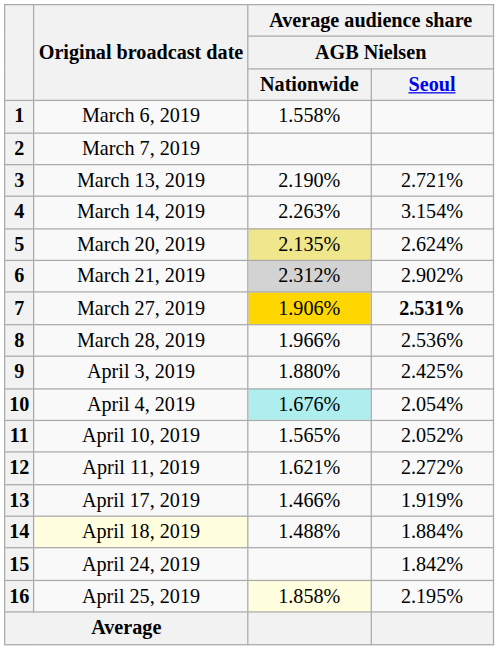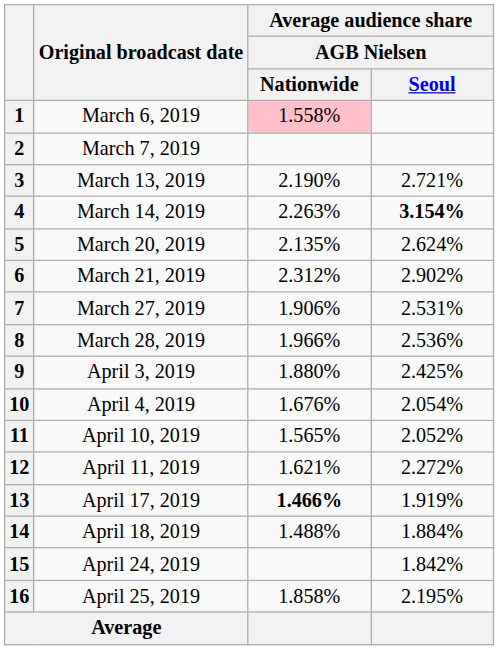 <table class="wikitable" style="text-align:center">
 <tr>
 <th rowspan="3"></th>
 <th rowspan="3">Original broadcast date</th>
 <th colspan="2">Average audience share</th>
 </tr>
 <tr>
 <th colspan="2">AGB Nielsen</th>
 </tr>
 <tr>
 <th width="90">Nationwide</th>
 <th width="90"><a href='#'>Seoul</a></th>
 </tr>
 <tr>
 <th>1</th>
 <td>March 6, 2019</td>
-<td>1.558%</td>
+<td style="background: pink;">1.558%</td>
 <td></td>
 </tr>
 <tr>
 <th>2</th>
 <td>March 7, 2019</td>
 <td></td>
 <td></td>
 </tr>
 <tr>
 <th>3</th>
 <td>March 13, 2019</td>
 <td>2.190%</td>
 <td>2.721%</td>
 </tr>
 <tr>
 <th>4</th>
 <td>March 14, 2019</td>
 <td>2.263%</td>
-<td>3.154%</td>
+<td><strong>3.154%</strong></td>
 </tr>
 <tr>
 <th>5</th>
 <td>March 20, 2019</td>
-<td style="background: khaki;">2.135%</td>
+<td>2.135%</td>
 <td>2.624%</td>
 </tr>
 <tr>
 <th>6</th>
 <td>March 21, 2019</td>
-<td style="background: lightgrey;">2.312%</td>
+<td>2.312%</td>
 <td>2.902%</td>
 </tr>
 <tr>
 <th>7</th>
 <td>March 27, 2019</td>
-<td style="background: gold;">1.906%</td>
-<td><strong>2.531%</strong></td>
+<td>1.906%</td>
+<td>2.531%</td>
 </tr>
 <tr>
 <th>8</th>
 <td>March 28, 2019</td>
 <td>1.966%</td>
 <td>2.536%</td>
 </tr>
 <tr>
 <th>9</th>
 <td>April 3, 2019</td>
 <td>1.880%</td>
 <td>2.425%</td>
 </tr>
 <tr>
 <th>10</th>
 <td>April 4, 2019</td>
-<td style="background: paleturquoise;">1.676%</td>
+<td>1.676%</td>
 <td>2.054%</td>
 </tr>
 <tr>
 <th>11</th>
 <td>April 10, 2019</td>
 <td>1.565%</td>
 <td>2.052%</td>
 </tr>
 <tr>
 <th>12</th>
 <td>April 11, 2019</td>
 <td>1.621%</td>
 <td>2.272%</td>
 </tr>
 <tr>
 <th>13</th>
 <td>April 17, 2019</td>
-<td>1.466%</td>
+<td><strong>1.466%</strong></td>
 <td>1.919%</td>
 </tr>
 <tr>
 <th>14</th>
-<td style="background: lightyellow;">April 18, 2019</td>
+<td>April 18, 2019</td>
 <td>1.488%</td>
 <td>1.884%</td>
 </tr>
 <tr>
 <th>15</th>
 <td>April 24, 2019</td>
 <td></td>
 <td>1.842%</td>
 </tr>
 <tr>
 <th>16</th>
 <td>April 25, 2019</td>
-<td style="background: lightyellow;">1.858%</td>
+<td>1.858%</td>
 <td>2.195%</td>
 </tr>
 <tr>
 <th colspan="2">Average</th>
 <th></th>
 <th></th>
 </tr>
 </table>
